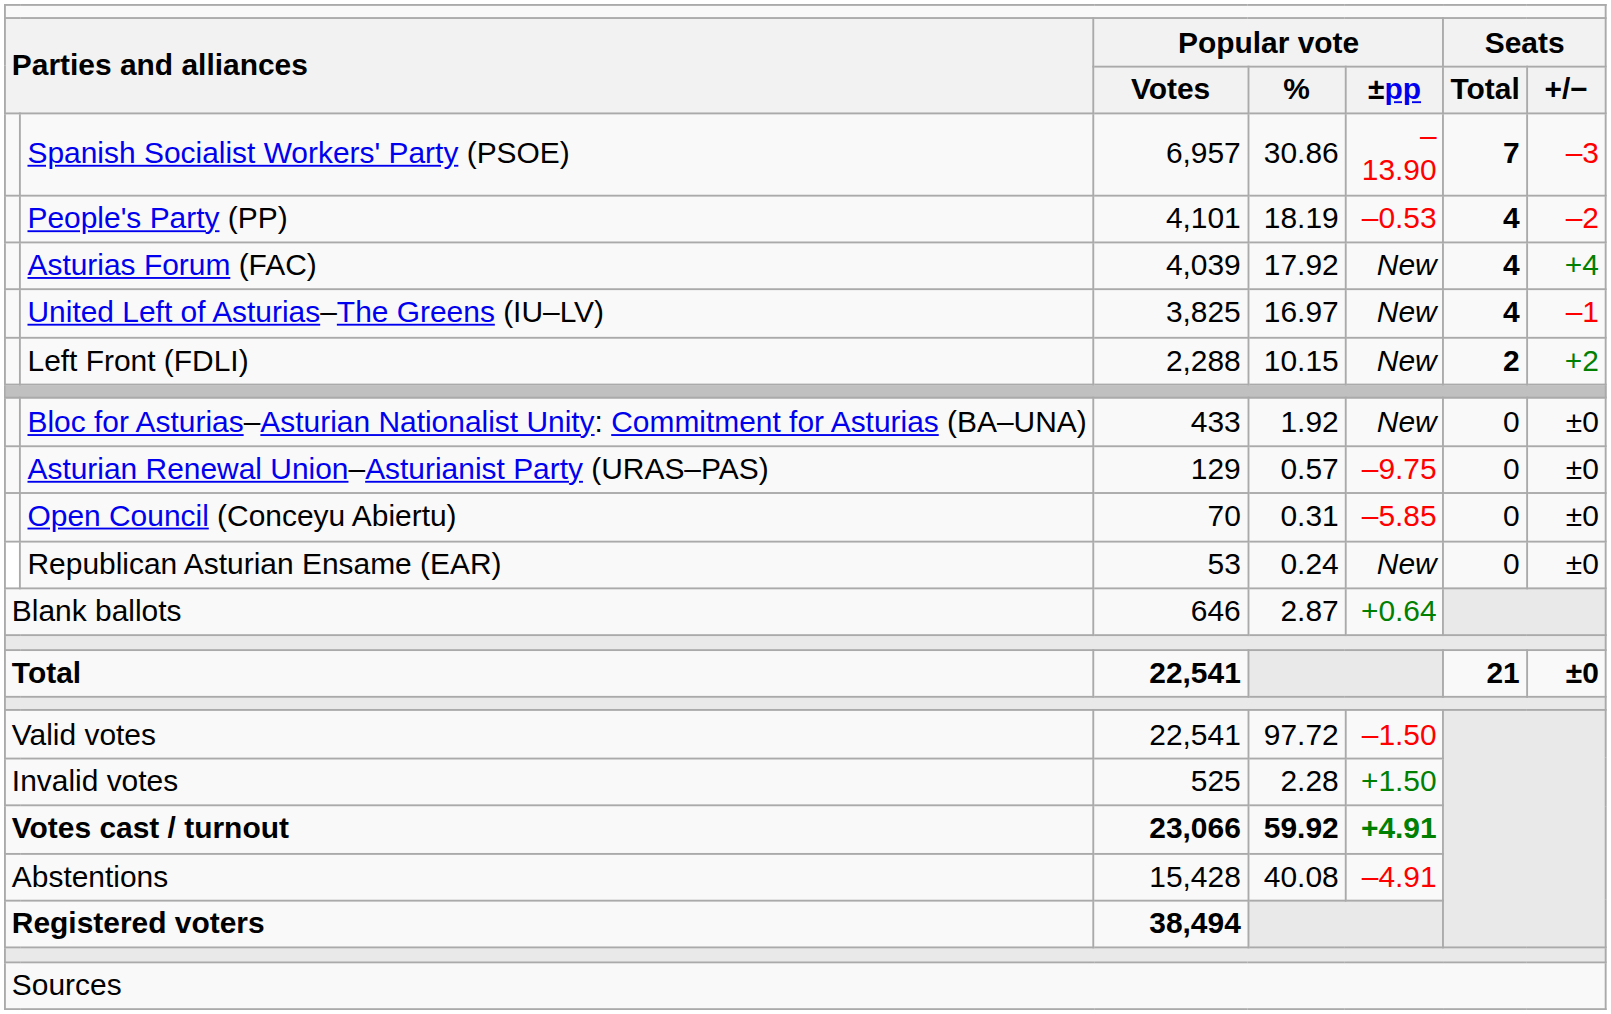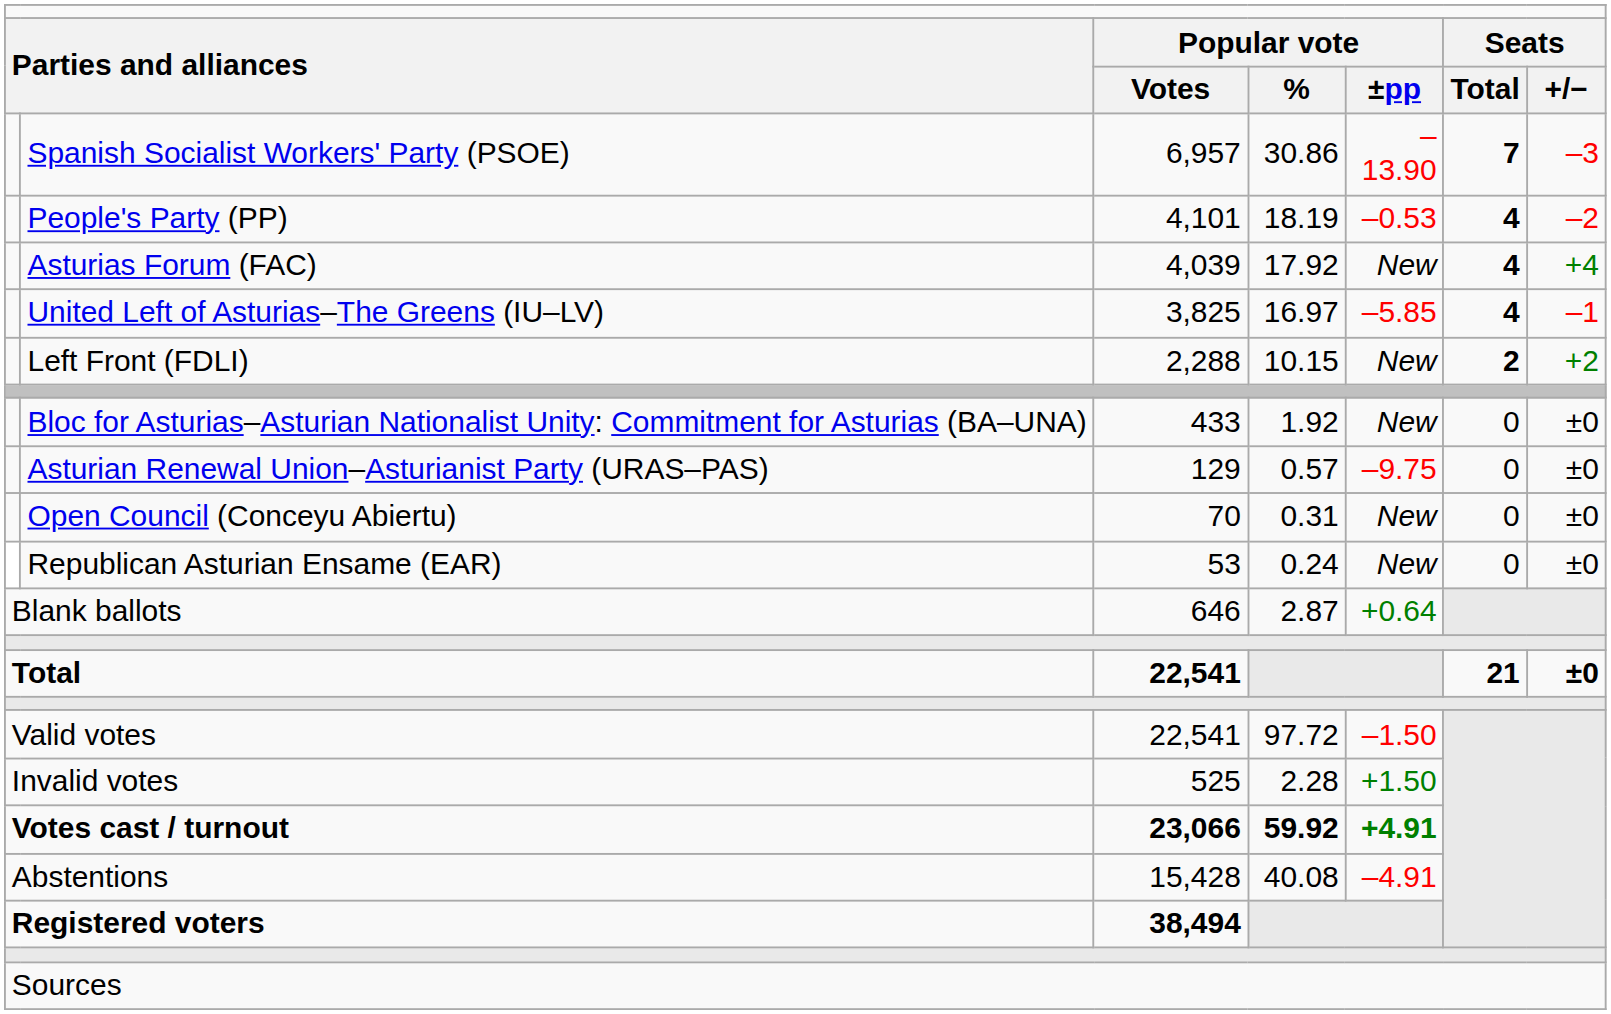 <table class="wikitable" style="text-align:right;">
 <tr>
 <td colspan="7"></td>
 </tr>
 <tr>
 <th style="text-align:left;" rowspan="2" colspan="2" width="525">Parties and alliances</th>
 <th colspan="3">Popular vote</th>
 <th colspan="2">Seats</th>
 </tr>
 <tr>
 <th width="75">Votes</th>
 <th width="45">%</th>
 <th width="45">±<a href='#'>pp</a></th>
 <th width="35">Total</th>
 <th width="35">+/−</th>
 </tr>
 <tr>
 <td width="1" style="color:inherit;background:"></td>
 <td align="left"><a href='#'>Spanish Socialist Workers' Party</a> (PSOE)</td>
 <td>6,957</td>
 <td>30.86</td>
 <td style="color:red;">–13.90</td>
 <td><strong>7</strong></td>
 <td style="color:red;">–3</td>
 </tr>
 <tr>
 <td style="color:inherit;background:"></td>
 <td align="left"><a href='#'>People's Party</a> (PP)</td>
 <td>4,101</td>
 <td>18.19</td>
 <td style="color:red;">–0.53</td>
 <td><strong>4</strong></td>
 <td style="color:red;">–2</td>
 </tr>
 <tr>
 <td style="color:inherit;background:"></td>
 <td align="left"><a href='#'>Asturias Forum</a> (FAC)</td>
 <td>4,039</td>
 <td>17.92</td>
 <td><em>New</em></td>
 <td><strong>4</strong></td>
 <td style="color:green;">+4</td>
 </tr>
 <tr>
 <td style="color:inherit;background:"></td>
 <td align="left"><a href='#'>United Left of Asturias</a>–<a href='#'>The Greens</a> (IU–LV)</td>
 <td>3,825</td>
 <td>16.97</td>
-<td><em>New</em></td>
+<td style="color:red;">–5.85</td>
 <td><strong>4</strong></td>
 <td style="color:red;">–1</td>
 </tr>
 <tr>
 <td style="color:inherit;background:"></td>
 <td align="left">Left Front (FDLI)</td>
 <td>2,288</td>
 <td>10.15</td>
 <td><em>New</em></td>
 <td><strong>2</strong></td>
 <td style="color:green;">+2</td>
 </tr>
 <tr>
 <td colspan="7" bgcolor="#C0C0C0"></td>
 </tr>
 <tr>
 <td style="color:inherit;background:"></td>
 <td align="left"><a href='#'>Bloc for Asturias</a>–<a href='#'>Asturian Nationalist Unity</a>: <a href='#'>Commitment for Asturias</a> (BA–UNA)</td>
 <td>433</td>
 <td>1.92</td>
 <td><em>New</em></td>
 <td>0</td>
 <td>±0</td>
 </tr>
 <tr>
 <td style="color:inherit;background:"></td>
 <td align="left"><a href='#'>Asturian Renewal Union</a>–<a href='#'>Asturianist Party</a> (URAS–PAS)</td>
 <td>129</td>
 <td>0.57</td>
 <td style="color:red;">–9.75</td>
 <td>0</td>
 <td>±0</td>
 </tr>
 <tr>
 <td style="color:inherit;background:"></td>
 <td align="left"><a href='#'>Open Council</a> (Conceyu Abiertu)</td>
 <td>70</td>
 <td>0.31</td>
-<td style="color:red;">–5.85</td>
+<td><em>New</em></td>
 <td>0</td>
 <td>±0</td>
 </tr>
 <tr>
 <td bgcolor="white"></td>
 <td align="left">Republican Asturian Ensame (EAR)</td>
 <td>53</td>
 <td>0.24</td>
 <td><em>New</em></td>
 <td>0</td>
 <td>±0</td>
 </tr>
 <tr>
 <td align="left" colspan="2">Blank ballots</td>
 <td>646</td>
 <td>2.87</td>
 <td style="color:green;">+0.64</td>
 <td bgcolor="#E9E9E9" colspan="2"></td>
 </tr>
 <tr>
 <td colspan="7" bgcolor="#E9E9E9"></td>
 </tr>
 <tr style="font-weight:bold;">
 <td align="left" colspan="2">Total</td>
 <td>22,541</td>
 <td bgcolor="#E9E9E9" colspan="2"></td>
 <td>21</td>
 <td>±0</td>
 </tr>
 <tr>
 <td colspan="7" bgcolor="#E9E9E9"></td>
 </tr>
 <tr>
 <td align="left" colspan="2">Valid votes</td>
 <td>22,541</td>
 <td>97.72</td>
 <td style="color:red;">–1.50</td>
 <td bgcolor="#E9E9E9" colspan="2" rowspan="5"></td>
 </tr>
 <tr>
 <td align="left" colspan="2">Invalid votes</td>
 <td>525</td>
 <td>2.28</td>
 <td style="color:green;">+1.50</td>
 </tr>
 <tr style="font-weight:bold;">
 <td align="left" colspan="2">Votes cast / turnout</td>
 <td>23,066</td>
 <td>59.92</td>
 <td style="color:green;">+4.91</td>
 </tr>
 <tr>
 <td align="left" colspan="2">Abstentions</td>
 <td>15,428</td>
 <td>40.08</td>
 <td style="color:red;">–4.91</td>
 </tr>
 <tr style="font-weight:bold;">
 <td align="left" colspan="2">Registered voters</td>
 <td>38,494</td>
 <td bgcolor="#E9E9E9" colspan="2"></td>
 </tr>
 <tr>
 <td colspan="7" bgcolor="#E9E9E9"></td>
 </tr>
 <tr>
 <td align="left" colspan="7">Sources</td>
 </tr>
 </table>
